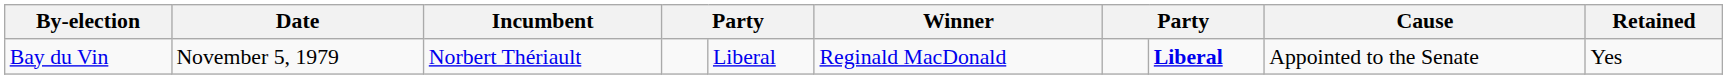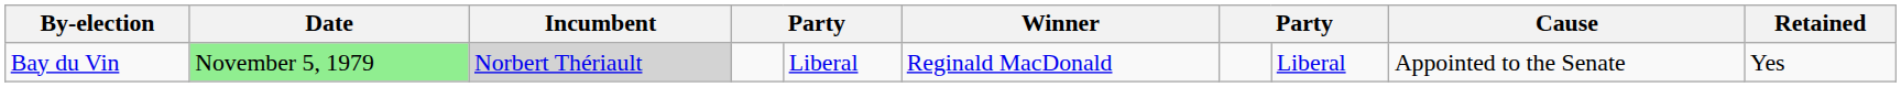 <table class=wikitable style="width:100%">
 <tr>
 <th>By-election</th>
 <th>Date</th>
 <th>Incumbent</th>
 <th colspan=2>Party</th>
 <th>Winner</th>
 <th colspan=2>Party</th>
 <th>Cause</th>
 <th>Retained</th>
 </tr>
 <tr>
 <td><a href='#'>Bay du Vin</a></td>
-<td>November 5, 1979</td>
-<td><a href='#'>Norbert Thériault</a></td>
+<td style="background: lightgreen;">November 5, 1979</td>
+<td style="background: lightgrey;"><a href='#'>Norbert Thériault</a></td>
 <td>    </td>
 <td><a href='#'>Liberal</a></td>
 <td><a href='#'>Reginald MacDonald</a></td>
 <td>    </td>
-<td><strong><a href='#'>Liberal</a></strong></td>
+<td><a href='#'>Liberal</a></td>
 <td>Appointed to the Senate</td>
 <td>Yes</td>
 </tr>
 </table>
